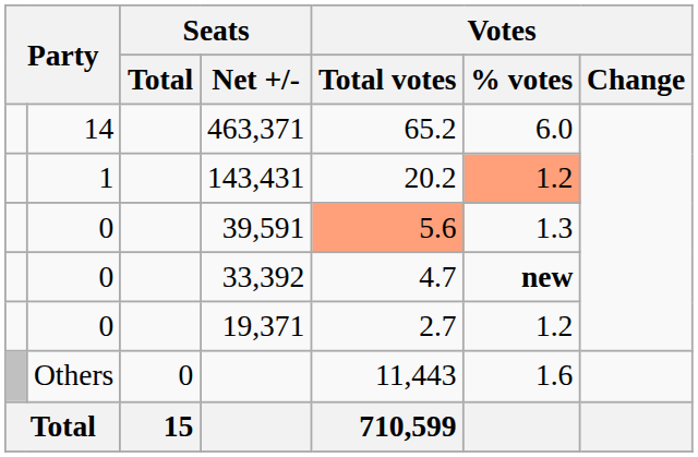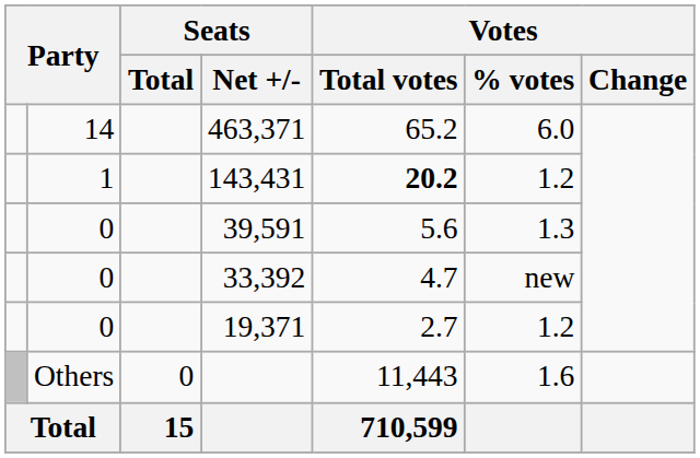 <table class="wikitable" style="text-align:right; font-size:95%;">
 <tr>
 <th colspan="2" rowspan="2">Party</th>
 <th colspan="2">Seats</th>
 <th colspan="3">Votes</th>
 </tr>
 <tr>
 <th>Total</th>
 <th>Net +/-</th>
 <th>Total votes</th>
 <th>% votes</th>
 <th>Change</th>
 </tr>
 <tr>
 <td></td>
 <td>14</td>
 <td></td>
 <td>463,371</td>
 <td>65.2</td>
 <td>6.0</td>
 </tr>
 <tr>
 <td></td>
 <td>1</td>
 <td></td>
 <td>143,431</td>
-<td>20.2</td>
-<td style="background: lightsalmon;">1.2</td>
+<td><strong>20.2</strong></td>
+<td>1.2</td>
 </tr>
 <tr>
 <td></td>
 <td>0</td>
 <td></td>
 <td>39,591</td>
-<td style="background: lightsalmon;">5.6</td>
+<td>5.6</td>
 <td>1.3</td>
 </tr>
 <tr>
 <td></td>
 <td>0</td>
 <td></td>
 <td>33,392</td>
 <td>4.7</td>
-<td><strong>new</strong></td>
+<td>new</td>
 </tr>
 <tr>
 <td></td>
 <td>0</td>
 <td></td>
 <td>19,371</td>
 <td>2.7</td>
 <td>1.2</td>
 </tr>
 <tr>
 <td style="background:silver;"> </td>
 <td align=left>Others</td>
 <td>0</td>
 <td></td>
 <td>11,443</td>
 <td>1.6</td>
 <td></td>
 </tr>
 <tr>
 <th colspan="2" style="background:#f2f2f2">Total</th>
 <td style="background:#f2f2f2;"><strong>15</strong></td>
 <td style="background:#f2f2f2;"></td>
 <td style="background:#f2f2f2;"><strong>710,599</strong></td>
 <td style="background:#f2f2f2;"></td>
 <td style="background:#f2f2f2;"></td>
 </tr>
 </table>
